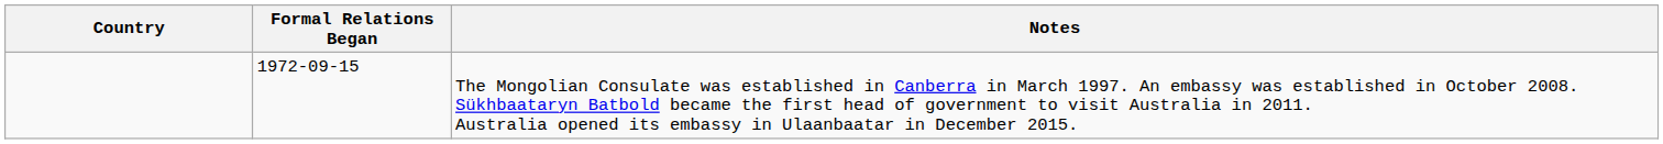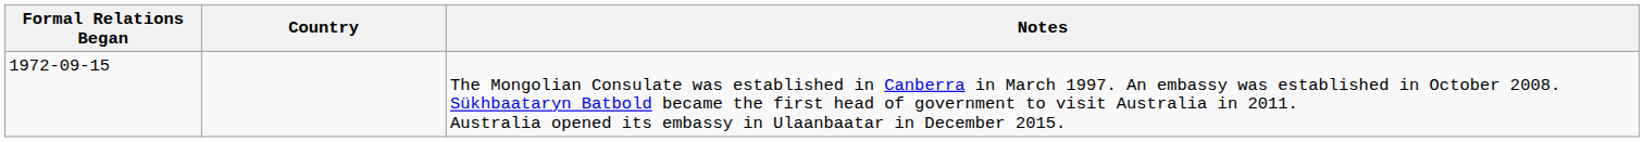 <table class="wikitable sortable" style="width:100%; margin:auto;">
 <tr>
+<th style="width:12%;">Formal Relations Began</th>
 <th style="width:15%;">Country</th>
-<th style="width:12%;">Formal Relations Began</th>
 <th>Notes</th>
 </tr>
 <tr valign="top">
+<td>1972-09-15</td>
 <td></td>
-<td>1972-09-15</td>
 <td><br>The Mongolian Consulate was established in <a href='#'>Canberra</a> in March 1997. An embassy was established in October 2008. <a href='#'>Sükhbaataryn Batbold</a> became the first head of government to visit Australia in 2011.<br>Australia opened its embassy in Ulaanbaatar in December 2015.</td>
 </tr>
 </table>
